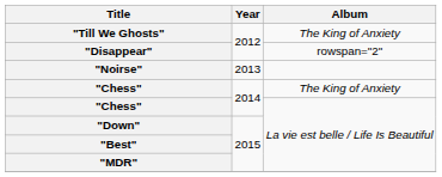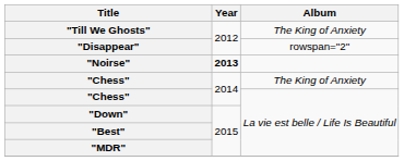 <table class="wikitable plainrowheaders" style="text-align:center;">
 <tr>
 <th scope="col" style="width:19em;">Title</th>
 <th scope="col">Year</th>
 <th scope="col">Album</th>
 </tr>
 <tr>
 <th scope="row">"Till We Ghosts"</th>
 <td rowspan="2">2012</td>
 <td><em>The King of Anxiety</em></td>
 </tr>
 <tr>
 <th scope="row">"Disappear"</th>
 <td>rowspan="2" </td>
 </tr>
 <tr>
 <th scope="row">"Noirse"</th>
-<td>2013</td>
+<td><strong>2013</strong></td>
 </tr>
 <tr>
 <th scope="row">"Chess"</th>
 <td rowspan="2">2014</td>
 <td><em>The King of Anxiety</em></td>
 </tr>
 <tr>
 <th scope="row">"Chess"</th>
 <td rowspan="4"><em>La vie est belle / Life Is Beautiful</em></td>
 </tr>
 <tr>
 <th scope="row">"Down"</th>
 <td rowspan="3">2015</td>
 </tr>
 <tr>
 <th scope="row">"Best"</th>
 </tr>
 <tr>
 <th scope="row">"MDR"</th>
 </tr>
 <tr>
 </tr>
 </table>
